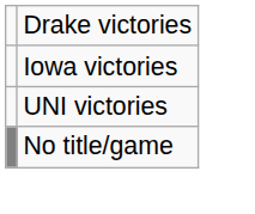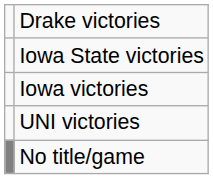 <table class="wikitable">
 <tr>
 <td></td>
 <td>Drake victories</td>
+</tr>
+<tr>
+<td></td>
+<td>Iowa State victories</td>
 </tr>
 <tr>
 <td></td>
 <td>Iowa victories</td>
 </tr>
 <tr>
 <td></td>
 <td>UNI victories</td>
 </tr>
 <tr>
 <td style="background:grey; color:black;"></td>
 <td>No title/game</td>
 </tr>
 </table>
